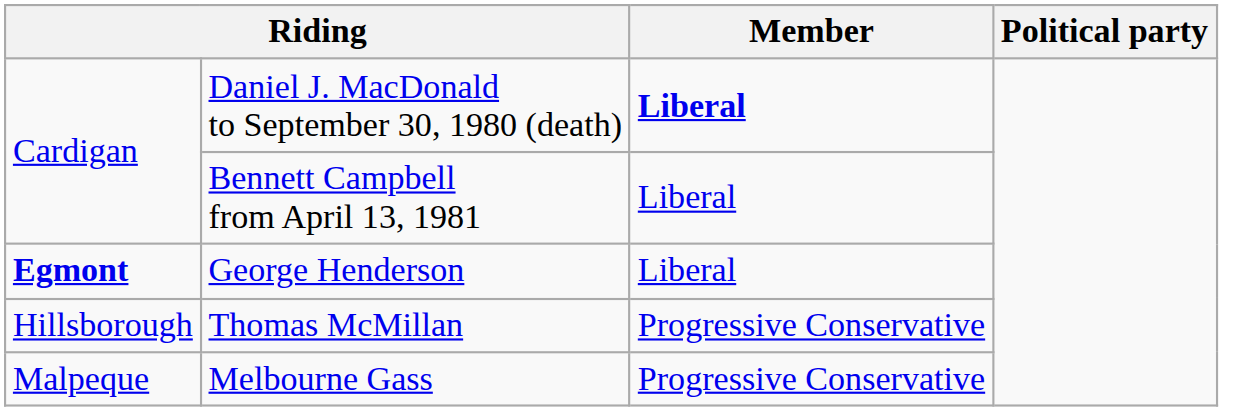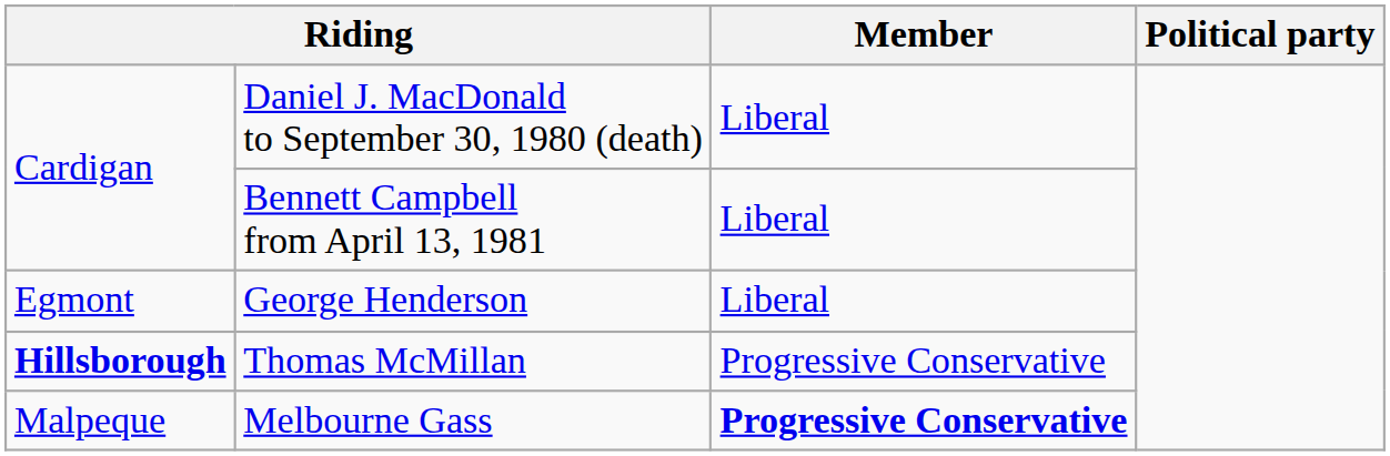 <table class="wikitable">
 <tr>
 <th colspan="2">Riding</th>
 <th>Member</th>
 <th>Political party</th>
 </tr>
 <tr>
 <td rowspan="2"><a href='#'>Cardigan</a></td>
 <td><a href='#'>Daniel J. MacDonald</a><br>to September 30, 1980 (death)</td>
-<td><strong><a href='#'>Liberal</a></strong></td>
+<td><a href='#'>Liberal</a></td>
 </tr>
 <tr>
 <td><a href='#'>Bennett Campbell</a><br>from April 13, 1981</td>
 <td><a href='#'>Liberal</a></td>
 </tr>
 <tr>
-<td><strong><a href='#'>Egmont</a></strong></td>
+<td><a href='#'>Egmont</a></td>
 <td><a href='#'>George Henderson</a></td>
 <td><a href='#'>Liberal</a></td>
 </tr>
 <tr>
-<td><a href='#'>Hillsborough</a></td>
+<td><strong><a href='#'>Hillsborough</a></strong></td>
 <td><a href='#'>Thomas McMillan</a></td>
 <td><a href='#'>Progressive Conservative</a></td>
 </tr>
 <tr>
 <td><a href='#'>Malpeque</a></td>
 <td><a href='#'>Melbourne Gass</a></td>
-<td><a href='#'>Progressive Conservative</a></td>
+<td><strong><a href='#'>Progressive Conservative</a></strong></td>
 </tr>
 </table>
